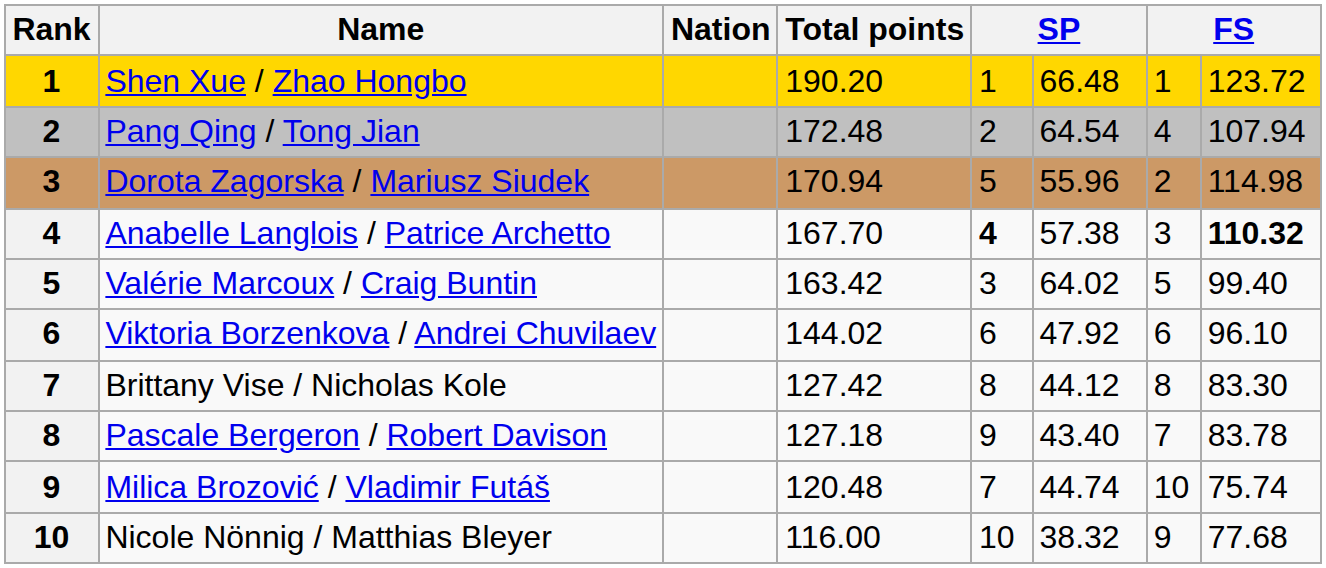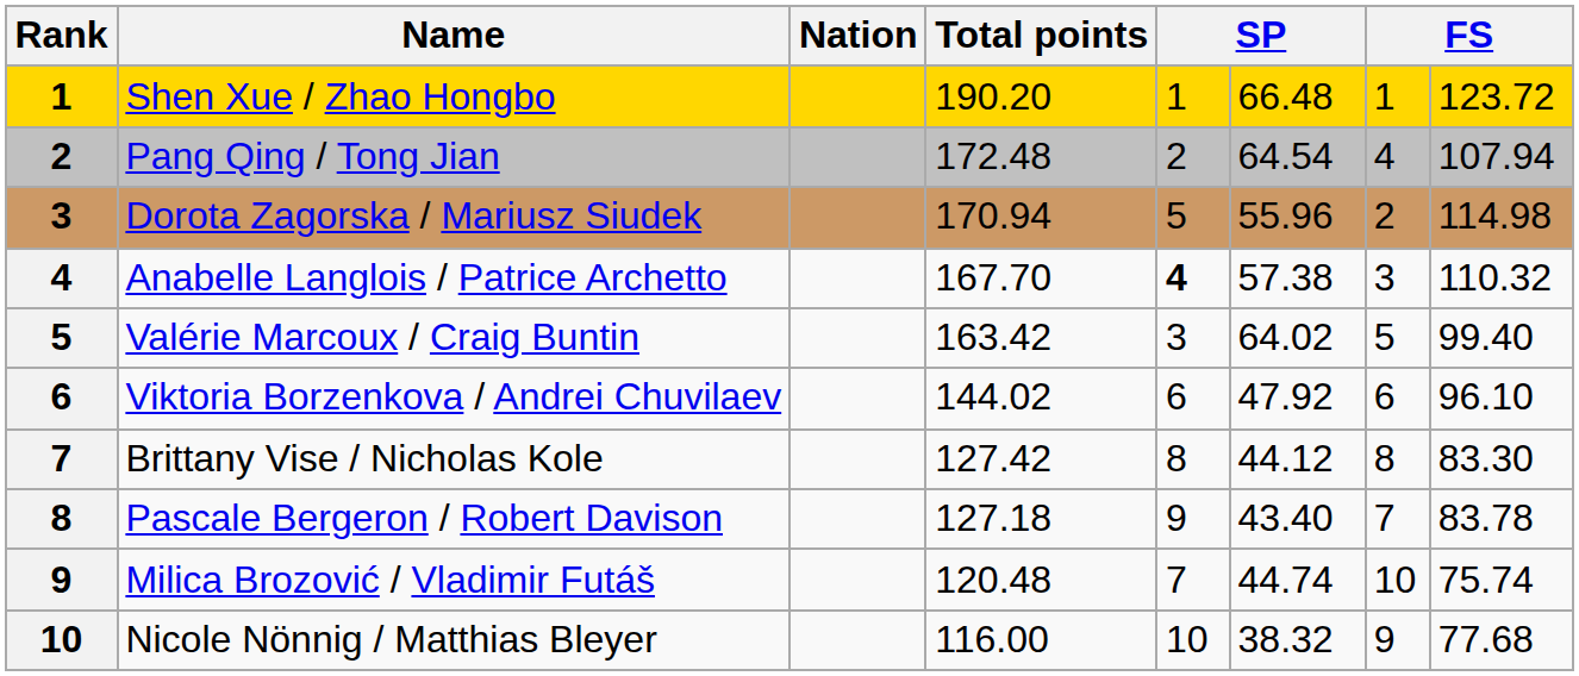 <table class="wikitable">
 <tr>
 <th>Rank</th>
 <th>Name</th>
 <th>Nation</th>
 <th>Total points</th>
 <th colspan="2" width="80px"><a href='#'>SP</a></th>
 <th colspan="2" width="80px"><a href='#'>FS</a></th>
 </tr>
 <tr bgcolor="gold">
 <td align="center"><strong>1</strong></td>
 <td><a href='#'>Shen Xue</a> / <a href='#'>Zhao Hongbo</a></td>
 <td></td>
 <td>190.20</td>
 <td>1</td>
 <td>66.48</td>
 <td>1</td>
 <td>123.72</td>
 </tr>
 <tr bgcolor="silver">
 <td align="center"><strong>2</strong></td>
 <td><a href='#'>Pang Qing</a> / <a href='#'>Tong Jian</a></td>
 <td></td>
 <td>172.48</td>
 <td>2</td>
 <td>64.54</td>
 <td>4</td>
 <td>107.94</td>
 </tr>
 <tr bgcolor="cc9966">
 <td align="center"><strong>3</strong></td>
 <td><a href='#'>Dorota Zagorska</a> / <a href='#'>Mariusz Siudek</a></td>
 <td></td>
 <td>170.94</td>
 <td>5</td>
 <td>55.96</td>
 <td>2</td>
 <td>114.98</td>
 </tr>
 <tr>
 <th>4</th>
 <td><a href='#'>Anabelle Langlois</a> / <a href='#'>Patrice Archetto</a></td>
 <td></td>
 <td>167.70</td>
 <td><strong>4</strong></td>
 <td>57.38</td>
 <td>3</td>
-<td><strong>110.32</strong></td>
+<td>110.32</td>
 </tr>
 <tr>
 <th>5</th>
 <td><a href='#'>Valérie Marcoux</a> / <a href='#'>Craig Buntin</a></td>
 <td></td>
 <td>163.42</td>
 <td>3</td>
 <td>64.02</td>
 <td>5</td>
 <td>99.40</td>
 </tr>
 <tr>
 <th>6</th>
 <td><a href='#'>Viktoria Borzenkova</a> / <a href='#'>Andrei Chuvilaev</a></td>
 <td></td>
 <td>144.02</td>
 <td>6</td>
 <td>47.92</td>
 <td>6</td>
 <td>96.10</td>
 </tr>
 <tr>
 <th>7</th>
 <td>Brittany Vise / Nicholas Kole</td>
 <td></td>
 <td>127.42</td>
 <td>8</td>
 <td>44.12</td>
 <td>8</td>
 <td>83.30</td>
 </tr>
 <tr>
 <th>8</th>
 <td><a href='#'>Pascale Bergeron</a> / <a href='#'>Robert Davison</a></td>
 <td></td>
 <td>127.18</td>
 <td>9</td>
 <td>43.40</td>
 <td>7</td>
 <td>83.78</td>
 </tr>
 <tr>
 <th>9</th>
 <td><a href='#'>Milica Brozović</a> / <a href='#'>Vladimir Futáš</a></td>
 <td></td>
 <td>120.48</td>
 <td>7</td>
 <td>44.74</td>
 <td>10</td>
 <td>75.74</td>
 </tr>
 <tr>
 <th>10</th>
 <td>Nicole Nönnig / Matthias Bleyer</td>
 <td></td>
 <td>116.00</td>
 <td>10</td>
 <td>38.32</td>
 <td>9</td>
 <td>77.68</td>
 </tr>
 </table>
